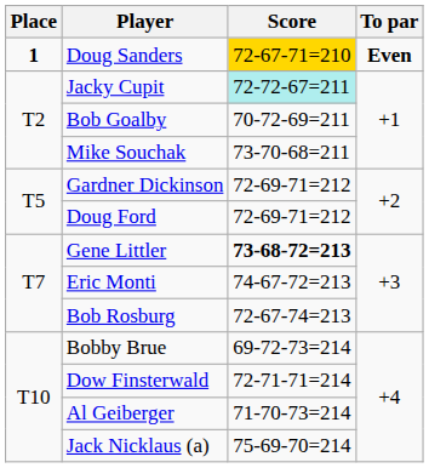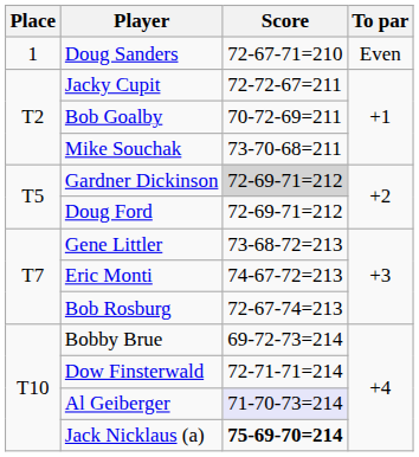 <table class=wikitable>
 <tr>
 <th>Place</th>
 <th>Player</th>
 <th>Score</th>
 <th>To par</th>
 </tr>
 <tr>
-<td align=center><strong>1</strong></td>
+<td align=center>1</td>
 <td> <a href='#'>Doug Sanders</a></td>
-<td style="background: gold;">72-67-71=210</td>
-<td align=center><strong>Even</strong></td>
+<td>72-67-71=210</td>
+<td align=center>Even</td>
 </tr>
 <tr>
 <td rowspan=3 align=center>T2</td>
 <td> <a href='#'>Jacky Cupit</a></td>
-<td style="background: paleturquoise;">72-72-67=211</td>
+<td>72-72-67=211</td>
 <td rowspan=3 align=center>+1</td>
 </tr>
 <tr>
 <td> <a href='#'>Bob Goalby</a></td>
 <td>70-72-69=211</td>
 </tr>
 <tr>
 <td> <a href='#'>Mike Souchak</a></td>
 <td>73-70-68=211</td>
 </tr>
 <tr>
 <td rowspan=2 align=center>T5</td>
 <td> <a href='#'>Gardner Dickinson</a></td>
-<td>72-69-71=212</td>
+<td style="background: lightgrey;">72-69-71=212</td>
 <td rowspan=2 align=center>+2</td>
 </tr>
 <tr>
 <td> <a href='#'>Doug Ford</a></td>
 <td>72-69-71=212</td>
 </tr>
 <tr>
 <td rowspan=3 align=center>T7</td>
 <td> <a href='#'>Gene Littler</a></td>
-<td><strong>73-68-72=213</strong></td>
+<td>73-68-72=213</td>
 <td rowspan=3 align=center>+3</td>
 </tr>
 <tr>
 <td> <a href='#'>Eric Monti</a></td>
 <td>74-67-72=213</td>
 </tr>
 <tr>
 <td> <a href='#'>Bob Rosburg</a></td>
 <td>72-67-74=213</td>
 </tr>
 <tr>
 <td rowspan=4 align=center>T10</td>
 <td> Bobby Brue</td>
 <td>69-72-73=214</td>
 <td rowspan=4 align=center>+4</td>
 </tr>
 <tr>
 <td> <a href='#'>Dow Finsterwald</a></td>
 <td>72-71-71=214</td>
 </tr>
 <tr>
 <td> <a href='#'>Al Geiberger</a></td>
-<td>71-70-73=214</td>
+<td style="background: lavender;">71-70-73=214</td>
 </tr>
 <tr>
 <td> <a href='#'>Jack Nicklaus</a> (a)</td>
-<td>75-69-70=214</td>
+<td><strong>75-69-70=214</strong></td>
 </tr>
 </table>
